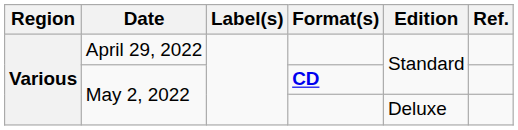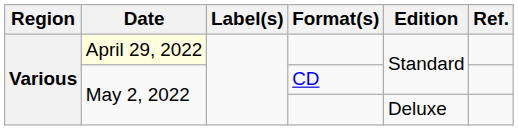 <table class="wikitable plainrowheaders">
 <tr>
 <th scope="col">Region</th>
 <th scope="col">Date</th>
 <th scope="col">Label(s)</th>
 <th scope="col">Format(s)</th>
 <th scope="col">Edition</th>
 <th scope="col">Ref.</th>
 </tr>
 <tr>
 <th scope="row" rowspan="3">Various</th>
-<td>April 29, 2022</td>
+<td style="background: lightyellow;">April 29, 2022</td>
 <td rowspan="3"></td>
 <td></td>
 <td rowspan="2">Standard</td>
 <td style="text-align: center"></td>
 </tr>
 <tr>
 <td rowspan="2">May 2, 2022</td>
-<td><strong><a href='#'>CD</a></strong></td>
+<td><a href='#'>CD</a></td>
 <td style="text-align: center"></td>
 </tr>
 <tr>
 <td></td>
 <td>Deluxe</td>
 <td style="text-align: center"></td>
 </tr>
 </table>
